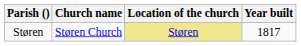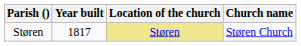 <table class="wikitable" style="text-align:center">
 <tr>
 <th>Parish ()</th>
+<th>Year built</th>
+<th>Location of the church</th>
 <th>Church name</th>
-<th>Location of the church</th>
-<th>Year built</th>
 </tr>
 <tr>
 <td rowspan="1">Støren</td>
+<td>1817</td>
+<td style="background: khaki;"><a href='#'>Støren</a></td>
 <td><a href='#'>Støren Church</a></td>
-<td style="background: khaki;"><a href='#'>Støren</a></td>
-<td>1817</td>
 </tr>
 </table>
